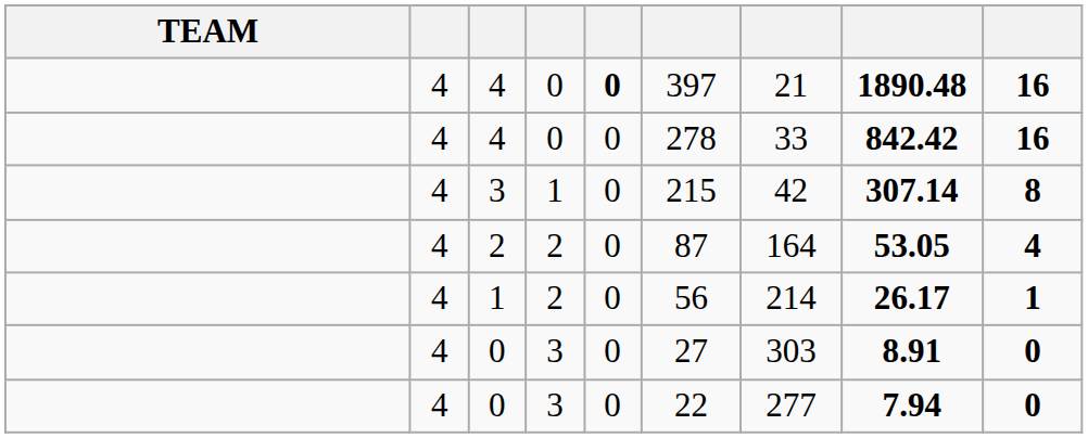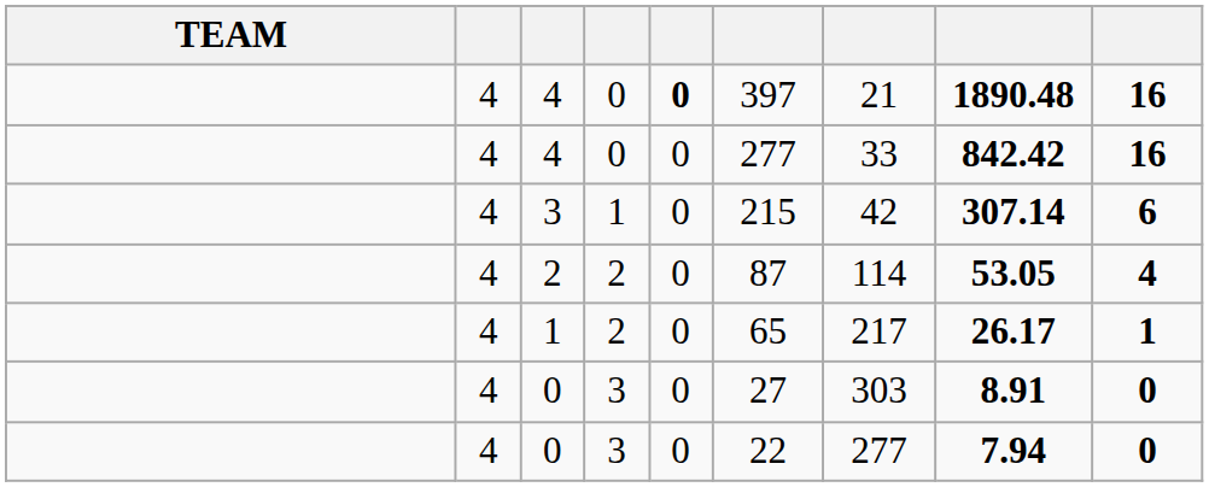 <table class="wikitable" style="text-align: center;">
 <tr>
 <th width=185>TEAM</th>
 <th width=20></th>
 <th width=20></th>
 <th width=20></th>
 <th width=20></th>
 <th width=40></th>
 <th width=40></th>
 <th width=60></th>
 <th width=40></th>
 </tr>
 <tr>
 <td align="left"></td>
 <td>4</td>
 <td>4</td>
 <td>0</td>
 <td><strong>0</strong></td>
 <td>397</td>
 <td>21</td>
 <td><strong>1890.48</strong></td>
 <td><strong>16</strong></td>
 </tr>
 <tr>
 <td align="left"></td>
 <td>4</td>
 <td>4</td>
 <td>0</td>
 <td>0</td>
-<td>278</td>
+<td>277</td>
 <td>33</td>
 <td><strong>842.42</strong></td>
 <td><strong>16</strong></td>
 </tr>
 <tr>
 <td align="left"></td>
 <td>4</td>
 <td>3</td>
 <td>1</td>
 <td>0</td>
 <td>215</td>
 <td>42</td>
 <td><strong>307.14</strong></td>
-<td><strong>8</strong></td>
+<td><strong>6</strong></td>
 </tr>
 <tr>
 <td align="left"></td>
 <td>4</td>
 <td>2</td>
 <td>2</td>
 <td>0</td>
 <td>87</td>
-<td>164</td>
+<td>114</td>
 <td><strong>53.05</strong></td>
 <td><strong>4</strong></td>
 </tr>
 <tr>
 <td align="left"></td>
 <td>4</td>
 <td>1</td>
 <td>2</td>
 <td>0</td>
-<td>56</td>
-<td>214</td>
+<td>65</td>
+<td>217</td>
 <td><strong>26.17</strong></td>
 <td><strong>1</strong></td>
 </tr>
 <tr>
 <td align="left"></td>
 <td>4</td>
 <td>0</td>
 <td>3</td>
 <td>0</td>
 <td>27</td>
 <td>303</td>
 <td><strong>8.91</strong></td>
 <td><strong>0</strong></td>
 </tr>
 <tr>
 <td align="left"></td>
 <td>4</td>
 <td>0</td>
 <td>3</td>
 <td>0</td>
 <td>22</td>
 <td>277</td>
 <td><strong>7.94</strong></td>
 <td><strong>0</strong></td>
 </tr>
 </table>
